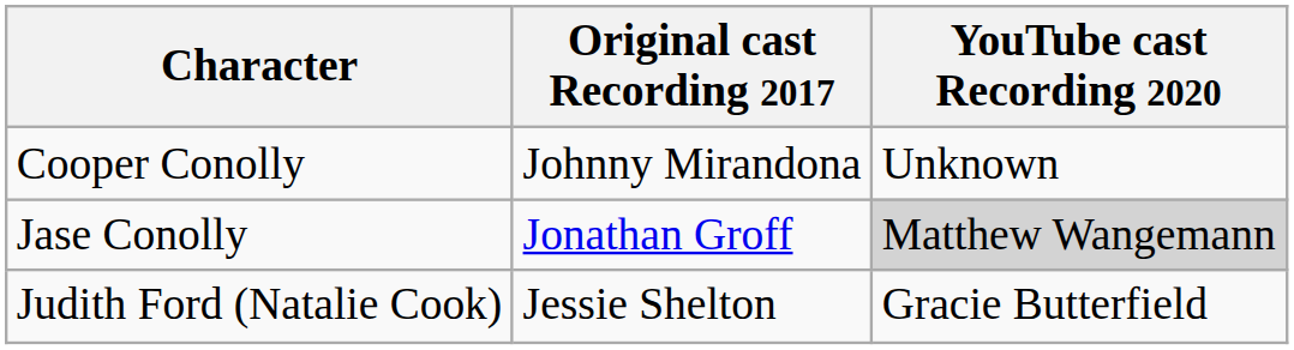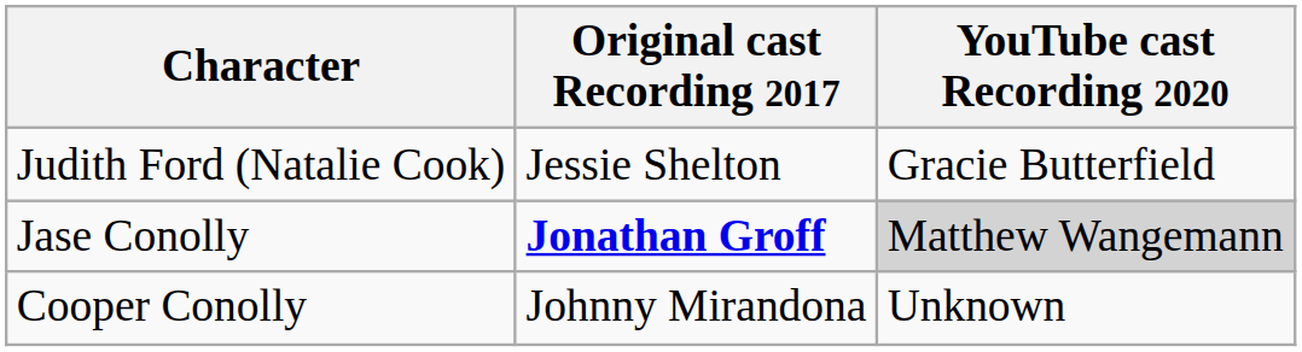 <table class="wikitable">
 <tr>
 <th>Character</th>
 <th>Original cast<br>Recording <small>2017</small></th>
 <th>YouTube cast<br>Recording <small>2020</small></th>
 </tr>
 <tr>
+<td>Judith Ford (Natalie Cook)</td>
+<td>Jessie Shelton</td>
+<td>Gracie Butterfield</td>
+</tr>
+<tr>
+<td>Jase Conolly</td>
+<td><strong><a href='#'>Jonathan Groff</a></strong></td>
+<td style="background: lightgrey;">Matthew Wangemann</td>
+</tr>
+<tr>
 <td>Cooper Conolly</td>
 <td>Johnny Mirandona</td>
 <td>Unknown</td>
 </tr>
-<tr>
-<td>Jase Conolly</td>
-<td><a href='#'>Jonathan Groff</a></td>
-<td style="background: lightgrey;">Matthew Wangemann</td>
-</tr>
-<tr>
-<td>Judith Ford (Natalie Cook)</td>
-<td>Jessie Shelton</td>
-<td>Gracie Butterfield</td>
-</tr>
 </table>
